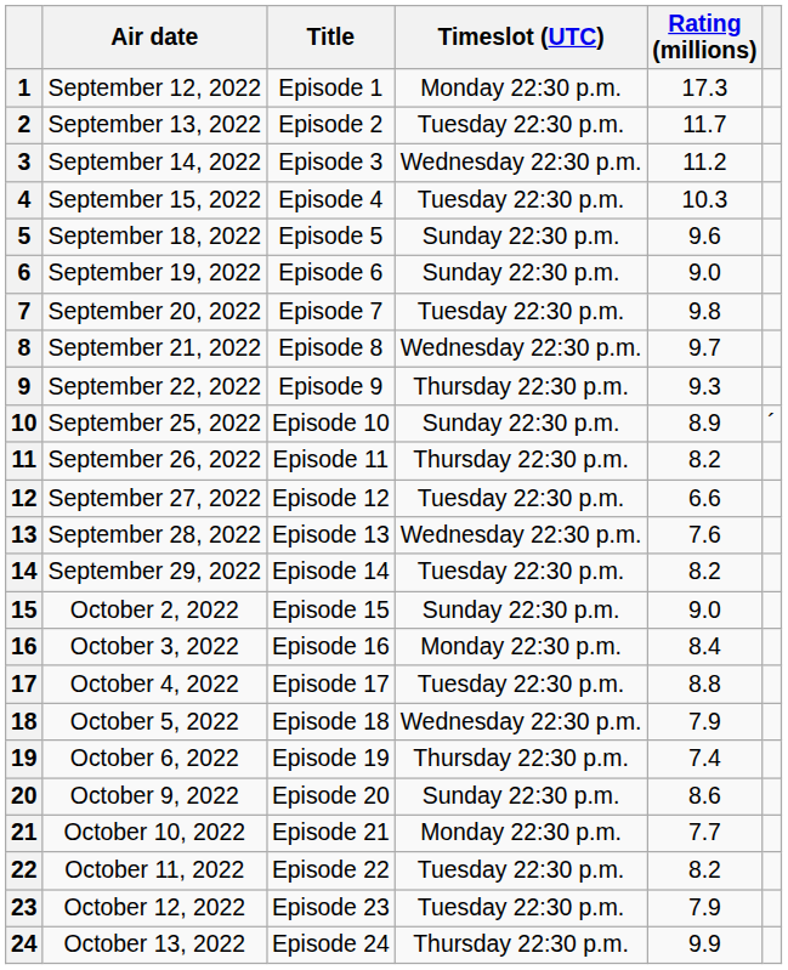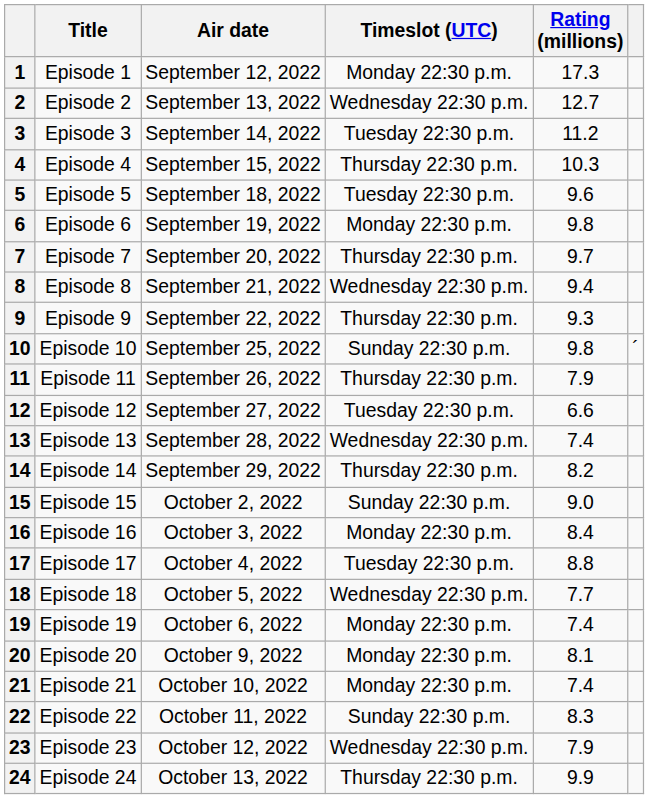 <table class="wikitable sortable plainrowheaders" style="text-align:center">
 <tr align="center">
 <th></th>
+<th>Title</th>
 <th>Air date</th>
-<th>Title</th>
 <th>Timeslot (<a href='#'>UTC</a>)</th>
 <th><a href='#'>Rating</a><br>(millions)</th>
 <th></th>
 </tr>
 <tr>
 <th scope="row" style="text-align:center">1</th>
+<td>Episode 1</td>
 <td>September 12, 2022</td>
-<td>Episode 1</td>
 <td>Monday 22:30 p.m.</td>
 <td>17.3</td>
 <td></td>
 </tr>
 <tr>
 <th scope="row" style="text-align:center">2</th>
+<td>Episode 2</td>
 <td>September 13, 2022</td>
-<td>Episode 2</td>
-<td>Tuesday 22:30 p.m.</td>
-<td>11.7</td>
+<td>Wednesday 22:30 p.m.</td>
+<td>12.7</td>
 <td></td>
 </tr>
 <tr>
 <th scope="row" style="text-align:center">3</th>
+<td>Episode 3</td>
 <td>September 14, 2022</td>
-<td>Episode 3</td>
-<td>Wednesday 22:30 p.m.</td>
+<td>Tuesday 22:30 p.m.</td>
 <td>11.2</td>
 <td></td>
 </tr>
 <tr>
 <th scope="row" style="text-align:center">4</th>
+<td>Episode 4</td>
 <td>September 15, 2022</td>
-<td>Episode 4</td>
-<td>Tuesday 22:30 p.m.</td>
+<td>Thursday 22:30 p.m.</td>
 <td>10.3</td>
 <td></td>
 </tr>
 <tr>
 <th scope="row" style="text-align:center">5</th>
+<td>Episode 5</td>
 <td>September 18, 2022</td>
-<td>Episode 5</td>
-<td>Sunday 22:30 p.m.</td>
+<td>Tuesday 22:30 p.m.</td>
 <td>9.6</td>
 <td></td>
 </tr>
 <tr>
 <th scope="row" style="text-align:center">6</th>
+<td>Episode 6</td>
 <td>September 19, 2022</td>
-<td>Episode 6</td>
-<td>Sunday 22:30 p.m.</td>
-<td>9.0</td>
+<td>Monday 22:30 p.m.</td>
+<td>9.8</td>
 <td></td>
 </tr>
 <tr>
 <th scope="row" style="text-align:center">7</th>
+<td>Episode 7</td>
 <td>September 20, 2022</td>
-<td>Episode 7</td>
-<td>Tuesday 22:30 p.m.</td>
-<td>9.8</td>
+<td>Thursday 22:30 p.m.</td>
+<td>9.7</td>
 <td></td>
 </tr>
 <tr>
 <th scope="row" style="text-align:center">8</th>
+<td>Episode 8</td>
 <td>September 21, 2022</td>
-<td>Episode 8</td>
 <td>Wednesday 22:30 p.m.</td>
-<td>9.7</td>
+<td>9.4</td>
 <td></td>
 </tr>
 <tr>
 <th scope="row" style="text-align:center">9</th>
+<td>Episode 9</td>
 <td>September 22, 2022</td>
-<td>Episode 9</td>
 <td>Thursday 22:30 p.m.</td>
 <td>9.3</td>
 <td></td>
 </tr>
 <tr>
 <th scope="row" style="text-align:center">10</th>
+<td>Episode 10</td>
 <td>September 25, 2022</td>
-<td>Episode 10</td>
 <td>Sunday 22:30 p.m.</td>
-<td>8.9</td>
+<td>9.8</td>
 <td>´</td>
 </tr>
 <tr>
 <th scope="row" style="text-align:center">11</th>
+<td>Episode 11</td>
 <td>September 26, 2022</td>
-<td>Episode 11</td>
 <td>Thursday 22:30 p.m.</td>
-<td>8.2</td>
+<td>7.9</td>
 <td></td>
 </tr>
 <tr>
 <th scope="row" style="text-align:center">12</th>
+<td>Episode 12</td>
 <td>September 27, 2022</td>
-<td>Episode 12</td>
 <td>Tuesday 22:30 p.m.</td>
 <td>6.6</td>
 <td></td>
 </tr>
 <tr>
 <th scope="row" style="text-align:center">13</th>
+<td>Episode 13</td>
 <td>September 28, 2022</td>
-<td>Episode 13</td>
 <td>Wednesday 22:30 p.m.</td>
-<td>7.6</td>
+<td>7.4</td>
 <td></td>
 </tr>
 <tr>
 <th scope="row" style="text-align:center">14</th>
+<td>Episode 14</td>
 <td>September 29, 2022</td>
-<td>Episode 14</td>
-<td>Tuesday 22:30 p.m.</td>
+<td>Thursday 22:30 p.m.</td>
 <td>8.2</td>
 <td></td>
 </tr>
 <tr>
 <th scope="row" style="text-align:center">15</th>
+<td>Episode 15</td>
 <td>October 2, 2022</td>
-<td>Episode 15</td>
 <td>Sunday 22:30 p.m.</td>
 <td>9.0</td>
 <td></td>
 </tr>
 <tr>
 <th scope="row" style="text-align:center">16</th>
+<td>Episode 16</td>
 <td>October 3, 2022</td>
-<td>Episode 16</td>
 <td>Monday 22:30 p.m.</td>
 <td>8.4</td>
 <td></td>
 </tr>
 <tr>
 <th scope="row" style="text-align:center">17</th>
+<td>Episode 17</td>
 <td>October 4, 2022</td>
-<td>Episode 17</td>
 <td>Tuesday 22:30 p.m.</td>
 <td>8.8</td>
 <td></td>
 </tr>
 <tr>
 <th scope="row" style="text-align:center">18</th>
+<td>Episode 18</td>
 <td>October 5, 2022</td>
-<td>Episode 18</td>
+<td>Wednesday 22:30 p.m.</td>
+<td>7.7</td>
+<td></td>
+</tr>
+<tr>
+<th scope="row" style="text-align:center">19</th>
+<td>Episode 19</td>
+<td>October 6, 2022</td>
+<td>Monday 22:30 p.m.</td>
+<td>7.4</td>
+<td></td>
+</tr>
+<tr>
+<th scope="row" style="text-align:center">20</th>
+<td>Episode 20</td>
+<td>October 9, 2022</td>
+<td>Monday 22:30 p.m.</td>
+<td>8.1</td>
+<td></td>
+</tr>
+<tr>
+<th scope="row" style="text-align:center">21</th>
+<td>Episode 21</td>
+<td>October 10, 2022</td>
+<td>Monday 22:30 p.m.</td>
+<td>7.4</td>
+<td></td>
+</tr>
+<tr>
+<th scope="row" style="text-align:center">22</th>
+<td>Episode 22</td>
+<td>October 11, 2022</td>
+<td>Sunday 22:30 p.m.</td>
+<td>8.3</td>
+<td></td>
+</tr>
+<tr>
+<th scope="row" style="text-align:center">23</th>
+<td>Episode 23</td>
+<td>October 12, 2022</td>
 <td>Wednesday 22:30 p.m.</td>
 <td>7.9</td>
 <td></td>
 </tr>
 <tr>
-<th scope="row" style="text-align:center">19</th>
-<td>October 6, 2022</td>
-<td>Episode 19</td>
-<td>Thursday 22:30 p.m.</td>
-<td>7.4</td>
-<td></td>
-</tr>
-<tr>
-<th scope="row" style="text-align:center">20</th>
-<td>October 9, 2022</td>
-<td>Episode 20</td>
-<td>Sunday 22:30 p.m.</td>
-<td>8.6</td>
-<td></td>
-</tr>
-<tr>
-<th scope="row" style="text-align:center">21</th>
-<td>October 10, 2022</td>
-<td>Episode 21</td>
-<td>Monday 22:30 p.m.</td>
-<td>7.7</td>
-<td></td>
-</tr>
-<tr>
-<th scope="row" style="text-align:center">22</th>
-<td>October 11, 2022</td>
-<td>Episode 22</td>
-<td>Tuesday 22:30 p.m.</td>
-<td>8.2</td>
-<td></td>
-</tr>
-<tr>
-<th scope="row" style="text-align:center">23</th>
-<td>October 12, 2022</td>
-<td>Episode 23</td>
-<td>Tuesday 22:30 p.m.</td>
-<td>7.9</td>
-<td></td>
-</tr>
-<tr>
 <th scope="row" style="text-align:center">24</th>
+<td>Episode 24</td>
 <td>October 13, 2022</td>
-<td>Episode 24</td>
 <td>Thursday 22:30 p.m.</td>
 <td>9.9</td>
 <td></td>
 </tr>
 </table>
